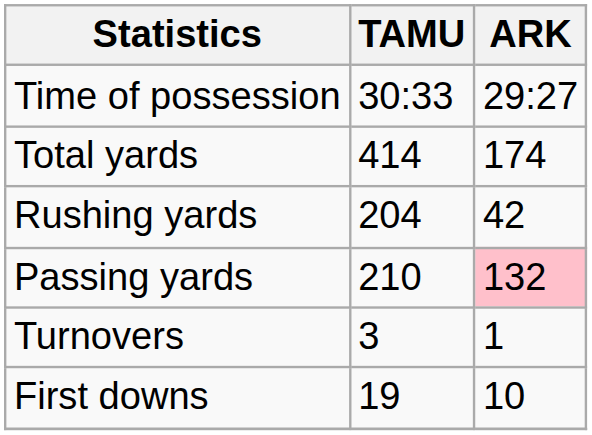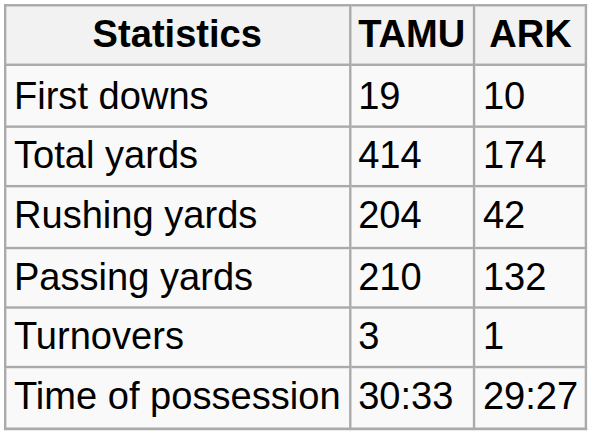 <table class="wikitable" style="float: left;">
 <tr>
 <th>Statistics</th>
 <th>TAMU</th>
 <th>ARK</th>
 </tr>
 <tr>
-<td>Time of possession</td>
-<td>30:33</td>
-<td>29:27</td>
+<td>First downs</td>
+<td>19</td>
+<td>10</td>
 </tr>
 <tr>
 <td>Total yards</td>
 <td>414</td>
 <td>174</td>
 </tr>
 <tr>
 <td>Rushing yards</td>
 <td>204</td>
 <td>42</td>
 </tr>
 <tr>
 <td>Passing yards</td>
 <td>210</td>
-<td style="background: pink;">132</td>
+<td>132</td>
 </tr>
 <tr>
 <td>Turnovers</td>
 <td>3</td>
 <td>1</td>
 </tr>
 <tr>
-<td>First downs</td>
-<td>19</td>
-<td>10</td>
+<td>Time of possession</td>
+<td>30:33</td>
+<td>29:27</td>
 </tr>
 <tr>
 </tr>
 </table>
